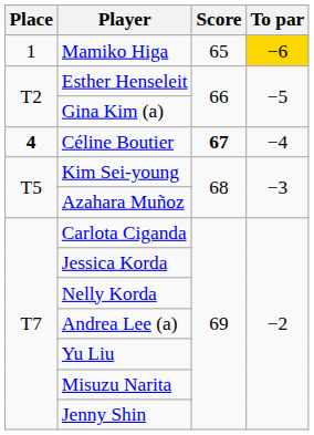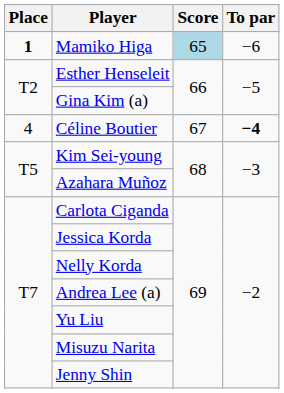 <table class="wikitable">
 <tr>
 <th>Place</th>
 <th>Player</th>
 <th>Score</th>
 <th>To par</th>
 </tr>
 <tr>
-<td align=center>1</td>
+<td align=center><strong>1</strong></td>
 <td> <a href='#'>Mamiko Higa</a></td>
-<td align=center>65</td>
-<td align=center style="background: gold;">−6</td>
+<td align=center style="background: lightblue;">65</td>
+<td align=center>−6</td>
 </tr>
 <tr>
 <td rowspan=2 align=center>T2</td>
 <td> <a href='#'>Esther Henseleit</a></td>
 <td rowspan=2 align=center>66</td>
 <td rowspan=2 align=center>−5</td>
 </tr>
 <tr>
 <td> <a href='#'>Gina Kim</a> (a)</td>
 </tr>
 <tr>
-<td align=center><strong>4</strong></td>
+<td align=center>4</td>
 <td> <a href='#'>Céline Boutier</a></td>
-<td align=center><strong>67</strong></td>
-<td align=center>−4</td>
+<td align=center>67</td>
+<td align=center><strong>−4</strong></td>
 </tr>
 <tr>
 <td rowspan=2 align=center>T5</td>
 <td> <a href='#'>Kim Sei-young</a></td>
 <td rowspan=2 align=center>68</td>
 <td rowspan=2 align=center>−3</td>
 </tr>
 <tr>
 <td> <a href='#'>Azahara Muñoz</a></td>
 </tr>
 <tr>
 <td rowspan=7 align=center>T7</td>
 <td> <a href='#'>Carlota Ciganda</a></td>
 <td rowspan=7 align=center>69</td>
 <td rowspan=7 align=center>−2</td>
 </tr>
 <tr>
 <td> <a href='#'>Jessica Korda</a></td>
 </tr>
 <tr>
 <td> <a href='#'>Nelly Korda</a></td>
 </tr>
 <tr>
 <td> <a href='#'>Andrea Lee</a> (a)</td>
 </tr>
 <tr>
 <td> <a href='#'>Yu Liu</a></td>
 </tr>
 <tr>
 <td> <a href='#'>Misuzu Narita</a></td>
 </tr>
 <tr>
 <td> <a href='#'>Jenny Shin</a></td>
 </tr>
 </table>
